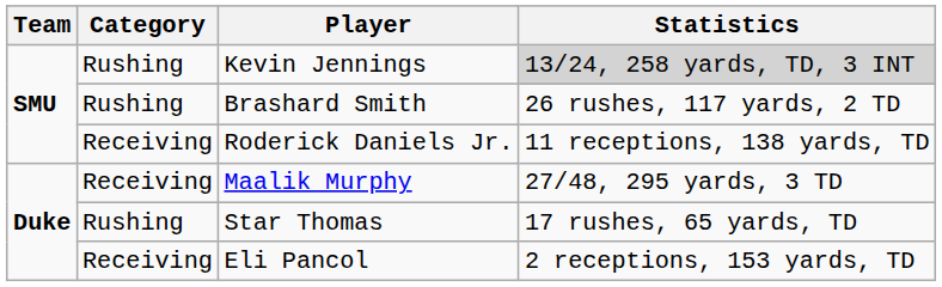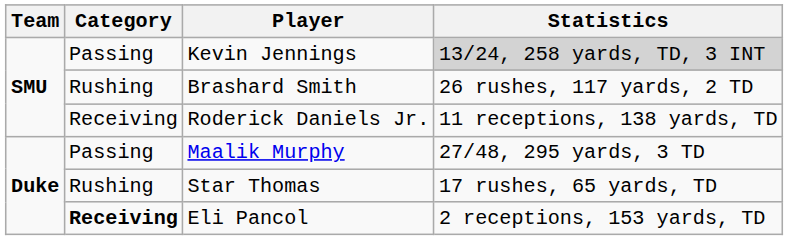 <table class="wikitable" style="float: right;">
 <tr>
 <th>Team</th>
 <th>Category</th>
 <th>Player</th>
 <th>Statistics</th>
 </tr>
 <tr>
 <td rowspan=3><strong>SMU</strong></td>
-<td>Rushing</td>
+<td>Passing</td>
 <td>Kevin Jennings</td>
 <td style="background: lightgrey;">13/24, 258 yards, TD, 3 INT</td>
 </tr>
 <tr>
 <td>Rushing</td>
 <td>Brashard Smith</td>
 <td>26 rushes, 117 yards, 2 TD</td>
 </tr>
 <tr>
 <td>Receiving</td>
 <td>Roderick Daniels Jr.</td>
 <td>11 receptions, 138 yards, TD</td>
 </tr>
 <tr>
 <td rowspan=3><strong>Duke</strong></td>
-<td>Receiving</td>
+<td>Passing</td>
 <td><a href='#'>Maalik Murphy</a></td>
 <td>27/48, 295 yards, 3 TD</td>
 </tr>
 <tr>
 <td>Rushing</td>
 <td>Star Thomas</td>
 <td>17 rushes, 65 yards, TD</td>
 </tr>
 <tr>
-<td>Receiving</td>
+<td><strong>Receiving</strong></td>
 <td>Eli Pancol</td>
 <td>2 receptions, 153 yards, TD</td>
 </tr>
 </table>
